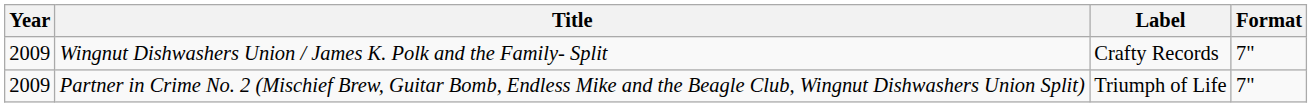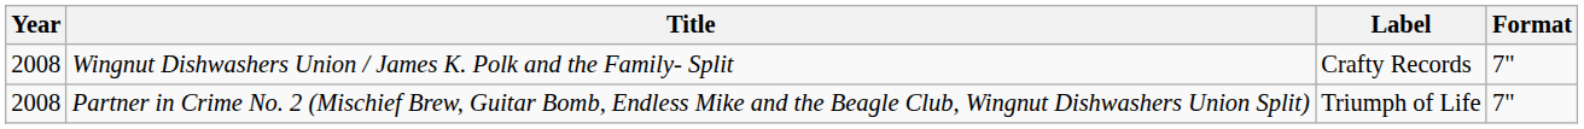 <table class="wikitable">
 <tr>
 <th>Year</th>
 <th>Title</th>
 <th>Label</th>
 <th>Format</th>
 </tr>
 <tr>
-<td>2009</td>
+<td>2008</td>
 <td><em>Wingnut Dishwashers Union / James K. Polk and the Family- Split</em></td>
 <td>Crafty Records</td>
 <td>7"</td>
 </tr>
 <tr>
-<td>2009</td>
+<td>2008</td>
 <td><em>Partner in Crime No. 2 (Mischief Brew, Guitar Bomb, Endless Mike and the Beagle Club, Wingnut Dishwashers Union Split)</em></td>
 <td>Triumph of Life</td>
 <td>7"</td>
 </tr>
 </table>
